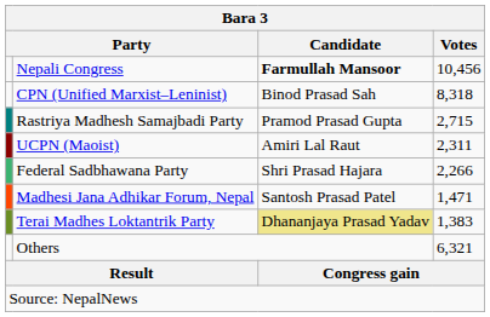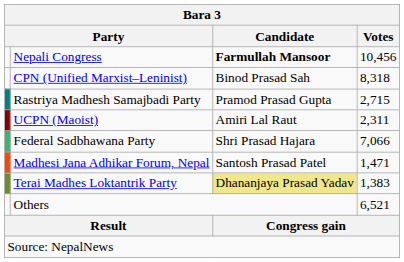 <table class="wikitable">
 <tr>
 <th colspan="4">Bara 3</th>
 </tr>
 <tr>
 <th colspan="2">Party</th>
 <th>Candidate</th>
 <th>Votes</th>
 </tr>
 <tr>
 <td style="background-color:"></td>
 <td><a href='#'>Nepali Congress</a></td>
 <td><strong>Farmullah Mansoor</strong></td>
 <td>10,456</td>
 </tr>
 <tr>
 <td style="background-color:"></td>
 <td><a href='#'>CPN (Unified Marxist–Leninist)</a></td>
 <td>Binod Prasad Sah</td>
 <td>8,318</td>
 </tr>
 <tr>
 <td style="background-color:teal"></td>
 <td>Rastriya Madhesh Samajbadi Party</td>
 <td>Pramod Prasad Gupta</td>
 <td>2,715</td>
 </tr>
 <tr>
 <td style="background-color:darkred"></td>
 <td><a href='#'>UCPN (Maoist)</a></td>
 <td>Amiri Lal Raut</td>
 <td>2,311</td>
 </tr>
 <tr>
 <td style="background-color:mediumseagreen"></td>
 <td>Federal Sadbhawana Party</td>
 <td>Shri Prasad Hajara</td>
-<td>2,266</td>
+<td>7,066</td>
 </tr>
 <tr>
 <td style="background-color:orangered"></td>
 <td><a href='#'>Madhesi Jana Adhikar Forum, Nepal</a></td>
 <td>Santosh Prasad Patel</td>
 <td>1,471</td>
 </tr>
 <tr>
 <td style="background-color:olivedrab"></td>
 <td><a href='#'>Terai Madhes Loktantrik Party</a></td>
 <td style="background: khaki;">Dhananjaya Prasad Yadav</td>
 <td>1,383</td>
 </tr>
 <tr>
 <td></td>
 <td colspan="2">Others</td>
-<td>6,321</td>
+<td>6,521</td>
 </tr>
 <tr>
 <th colspan="2">Result</th>
 <th colspan="2">Congress gain</th>
 </tr>
 <tr>
 <td colspan="4">Source: NepalNews</td>
 </tr>
 </table>
